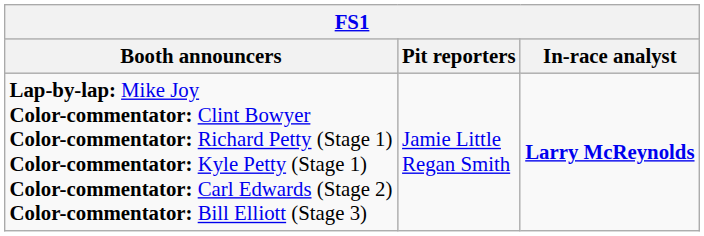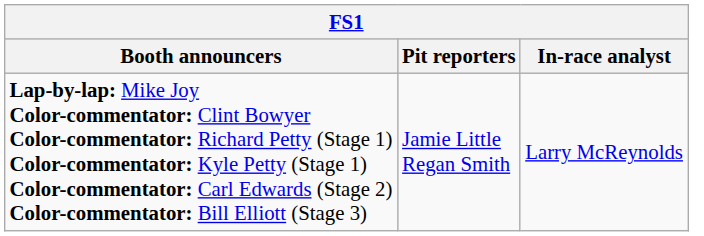 <table class="wikitable" style="font-size: 95%">
 <tr>
 <th colspan="3"><a href='#'>FS1</a></th>
 </tr>
 <tr>
 <th>Booth announcers</th>
 <th>Pit reporters</th>
 <th>In-race analyst</th>
 </tr>
 <tr>
 <td><strong>Lap-by-lap:</strong> <a href='#'>Mike Joy</a><br><strong>Color-commentator:</strong> <a href='#'>Clint Bowyer</a><br><strong>Color-commentator:</strong> <a href='#'>Richard Petty</a> (Stage 1)<br><strong>Color-commentator:</strong> <a href='#'>Kyle Petty</a> (Stage 1)<br><strong>Color-commentator:</strong> <a href='#'>Carl Edwards</a> (Stage 2)<br><strong>Color-commentator:</strong> <a href='#'>Bill Elliott</a> (Stage 3)</td>
 <td><a href='#'>Jamie Little</a><br><a href='#'>Regan Smith</a></td>
-<td><strong><a href='#'>Larry McReynolds</a></strong></td>
+<td><a href='#'>Larry McReynolds</a></td>
 </tr>
 </table>
